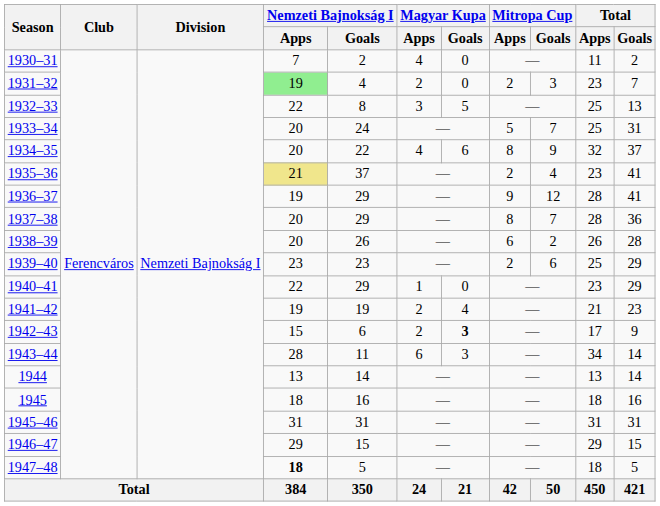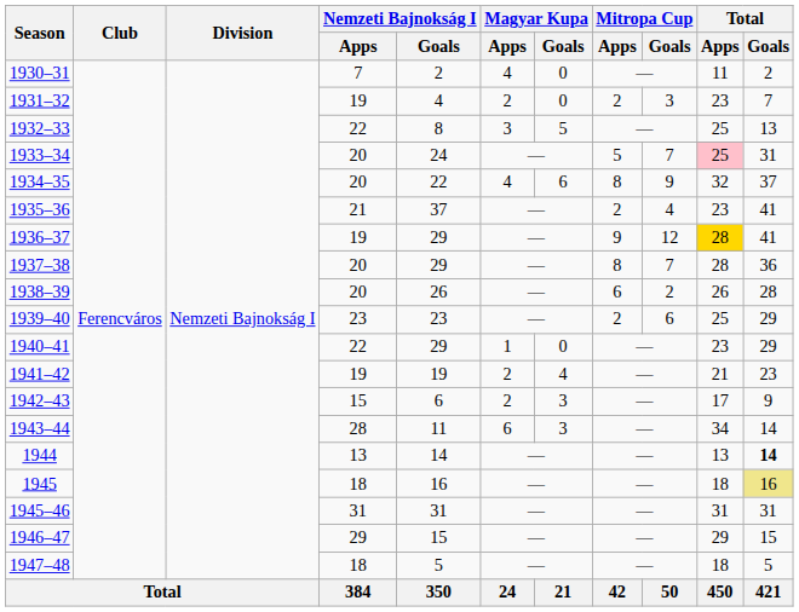 <table class="wikitable" style="text-align:center">
 <tr>
 <th rowspan="2">Season</th>
 <th rowspan="2">Club</th>
 <th rowspan="2">Division</th>
 <th colspan="2"><a href='#'>Nemzeti Bajnokság I</a></th>
 <th colspan="2"><a href='#'>Magyar Kupa</a></th>
 <th colspan="2"><a href='#'>Mitropa Cup</a></th>
 <th colspan="2">Total</th>
 </tr>
 <tr>
 <th>Apps</th>
 <th>Goals</th>
 <th>Apps</th>
 <th>Goals</th>
 <th>Apps</th>
 <th>Goals</th>
 <th>Apps</th>
 <th>Goals</th>
 </tr>
 <tr>
 <td><a href='#'>1930–31</a></td>
 <td rowspan="19"><a href='#'>Ferencváros</a></td>
 <td rowspan="19"><a href='#'>Nemzeti Bajnokság I</a></td>
 <td>7</td>
 <td>2</td>
 <td>4</td>
 <td>0</td>
 <td colspan="2">—</td>
 <td>11</td>
 <td>2</td>
 </tr>
 <tr>
 <td><a href='#'>1931–32</a></td>
-<td style="background: lightgreen;">19</td>
+<td>19</td>
 <td>4</td>
 <td>2</td>
 <td>0</td>
 <td>2</td>
 <td>3</td>
 <td>23</td>
 <td>7</td>
 </tr>
 <tr>
 <td><a href='#'>1932–33</a></td>
 <td>22</td>
 <td>8</td>
 <td>3</td>
 <td>5</td>
 <td colspan="2">—</td>
 <td>25</td>
 <td>13</td>
 </tr>
 <tr>
 <td><a href='#'>1933–34</a></td>
 <td>20</td>
 <td>24</td>
 <td colspan="2">—</td>
 <td>5</td>
 <td>7</td>
-<td>25</td>
+<td style="background: pink;">25</td>
 <td>31</td>
 </tr>
 <tr>
 <td><a href='#'>1934–35</a></td>
 <td>20</td>
 <td>22</td>
 <td>4</td>
 <td>6</td>
 <td>8</td>
 <td>9</td>
 <td>32</td>
 <td>37</td>
 </tr>
 <tr>
 <td><a href='#'>1935–36</a></td>
-<td style="background: khaki;">21</td>
+<td>21</td>
 <td>37</td>
 <td colspan="2">—</td>
 <td>2</td>
 <td>4</td>
 <td>23</td>
 <td>41</td>
 </tr>
 <tr>
 <td><a href='#'>1936–37</a></td>
 <td>19</td>
 <td>29</td>
 <td colspan="2">—</td>
 <td>9</td>
 <td>12</td>
-<td>28</td>
+<td style="background: gold;">28</td>
 <td>41</td>
 </tr>
 <tr>
 <td><a href='#'>1937–38</a></td>
 <td>20</td>
 <td>29</td>
 <td colspan="2">—</td>
 <td>8</td>
 <td>7</td>
 <td>28</td>
 <td>36</td>
 </tr>
 <tr>
 <td><a href='#'>1938–39</a></td>
 <td>20</td>
 <td>26</td>
 <td colspan="2">—</td>
 <td>6</td>
 <td>2</td>
 <td>26</td>
 <td>28</td>
 </tr>
 <tr>
 <td><a href='#'>1939–40</a></td>
 <td>23</td>
 <td>23</td>
 <td colspan="2">—</td>
 <td>2</td>
 <td>6</td>
 <td>25</td>
 <td>29</td>
 </tr>
 <tr>
 <td><a href='#'>1940–41</a></td>
 <td>22</td>
 <td>29</td>
 <td>1</td>
 <td>0</td>
 <td colspan="2">—</td>
 <td>23</td>
 <td>29</td>
 </tr>
 <tr>
 <td><a href='#'>1941–42</a></td>
 <td>19</td>
 <td>19</td>
 <td>2</td>
 <td>4</td>
 <td colspan="2">—</td>
 <td>21</td>
 <td>23</td>
 </tr>
 <tr>
 <td><a href='#'>1942–43</a></td>
 <td>15</td>
 <td>6</td>
 <td>2</td>
-<td><strong>3</strong></td>
+<td>3</td>
 <td colspan="2">—</td>
 <td>17</td>
 <td>9</td>
 </tr>
 <tr>
 <td><a href='#'>1943–44</a></td>
 <td>28</td>
 <td>11</td>
 <td>6</td>
 <td>3</td>
 <td colspan="2">—</td>
 <td>34</td>
 <td>14</td>
 </tr>
 <tr>
 <td><a href='#'>1944</a></td>
 <td>13</td>
 <td>14</td>
 <td colspan="2">—</td>
 <td colspan="2">—</td>
 <td>13</td>
-<td>14</td>
+<td><strong>14</strong></td>
 </tr>
 <tr>
 <td><a href='#'>1945</a></td>
 <td>18</td>
 <td>16</td>
 <td colspan="2">—</td>
 <td colspan="2">—</td>
 <td>18</td>
-<td>16</td>
+<td style="background: khaki;">16</td>
 </tr>
 <tr>
 <td><a href='#'>1945–46</a></td>
 <td>31</td>
 <td>31</td>
 <td colspan="2">—</td>
 <td colspan="2">—</td>
 <td>31</td>
 <td>31</td>
 </tr>
 <tr>
 <td><a href='#'>1946–47</a></td>
 <td>29</td>
 <td>15</td>
 <td colspan="2">—</td>
 <td colspan="2">—</td>
 <td>29</td>
 <td>15</td>
 </tr>
 <tr>
 <td><a href='#'>1947–48</a></td>
-<td><strong>18</strong></td>
+<td>18</td>
 <td>5</td>
 <td colspan="2">—</td>
 <td colspan="2">—</td>
 <td>18</td>
 <td>5</td>
 </tr>
 <tr>
 <th colspan="3">Total</th>
 <th>384</th>
 <th>350</th>
 <th>24</th>
 <th>21</th>
 <th>42</th>
 <th>50</th>
 <th>450</th>
 <th>421</th>
 </tr>
 </table>
